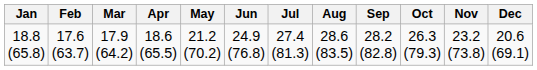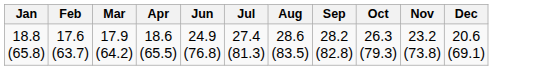 <table class="wikitable">
 <tr>
 <th>Jan</th>
 <th>Feb</th>
 <th>Mar</th>
 <th>Apr</th>
-<th>May</th>
 <th>Jun</th>
 <th>Jul</th>
 <th>Aug</th>
 <th>Sep</th>
 <th>Oct</th>
 <th>Nov</th>
 <th>Dec</th>
 </tr>
 <tr style="font-size:115%; text-align: center;">
 <td>18.8<br>(65.8)</td>
 <td>17.6<br>(63.7)</td>
 <td>17.9<br>(64.2)</td>
 <td>18.6<br>(65.5)</td>
-<td>21.2<br>(70.2)</td>
 <td>24.9<br>(76.8)</td>
 <td>27.4<br>(81.3)</td>
 <td>28.6<br>(83.5)</td>
 <td>28.2<br>(82.8)</td>
 <td>26.3<br>(79.3)</td>
 <td>23.2<br>(73.8)</td>
 <td>20.6<br>(69.1)</td>
 </tr>
 </table>
